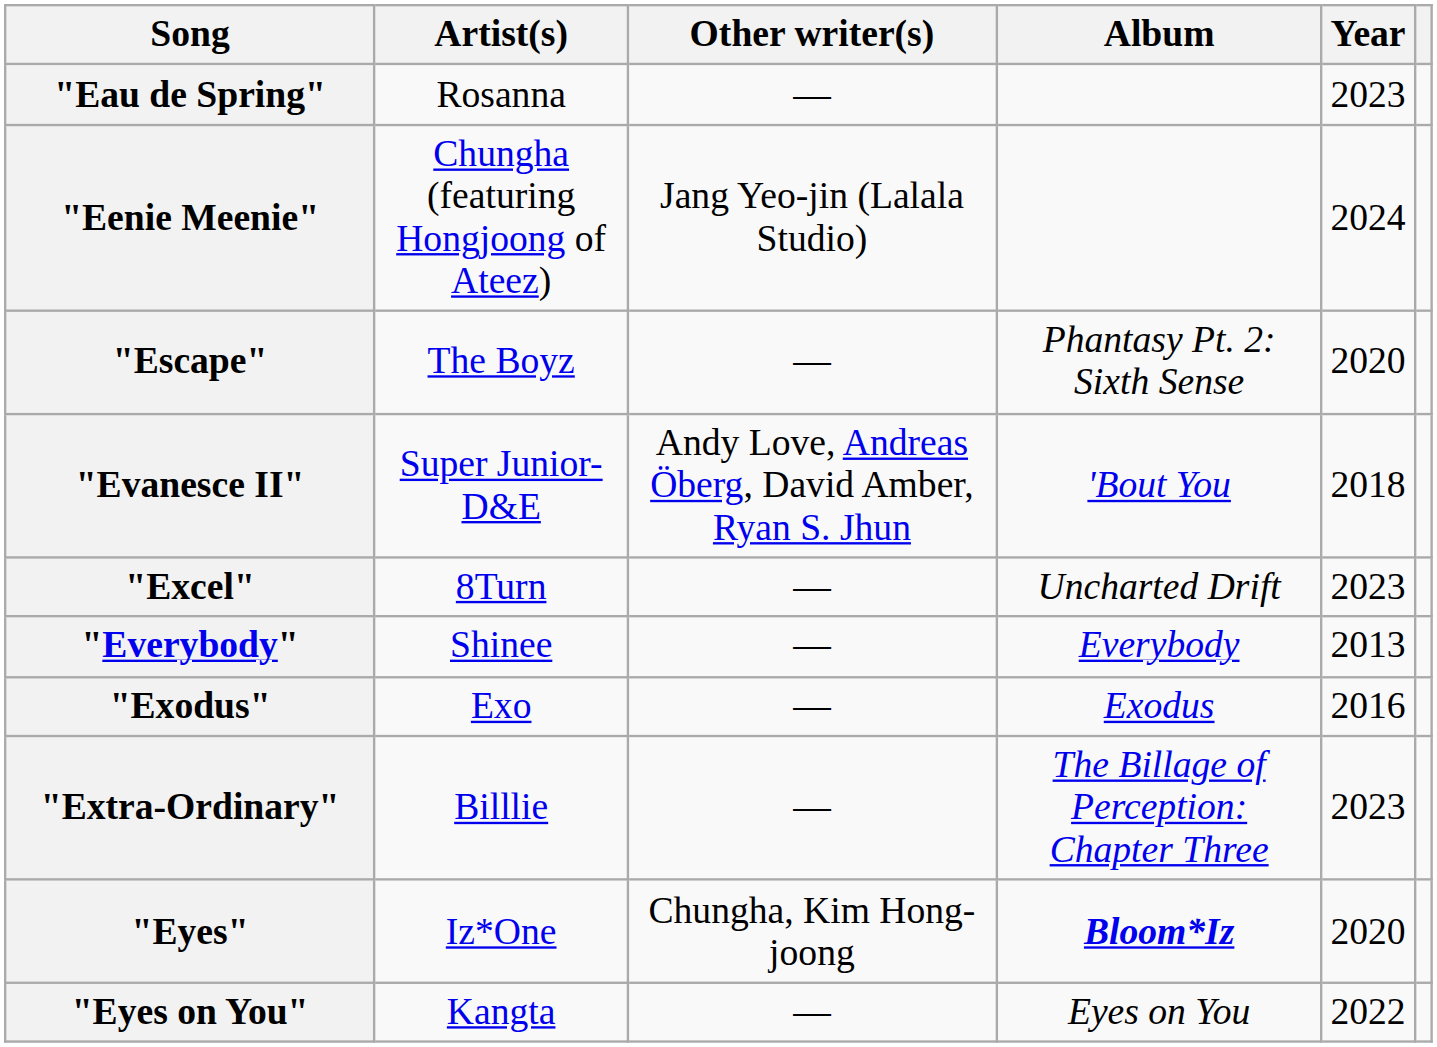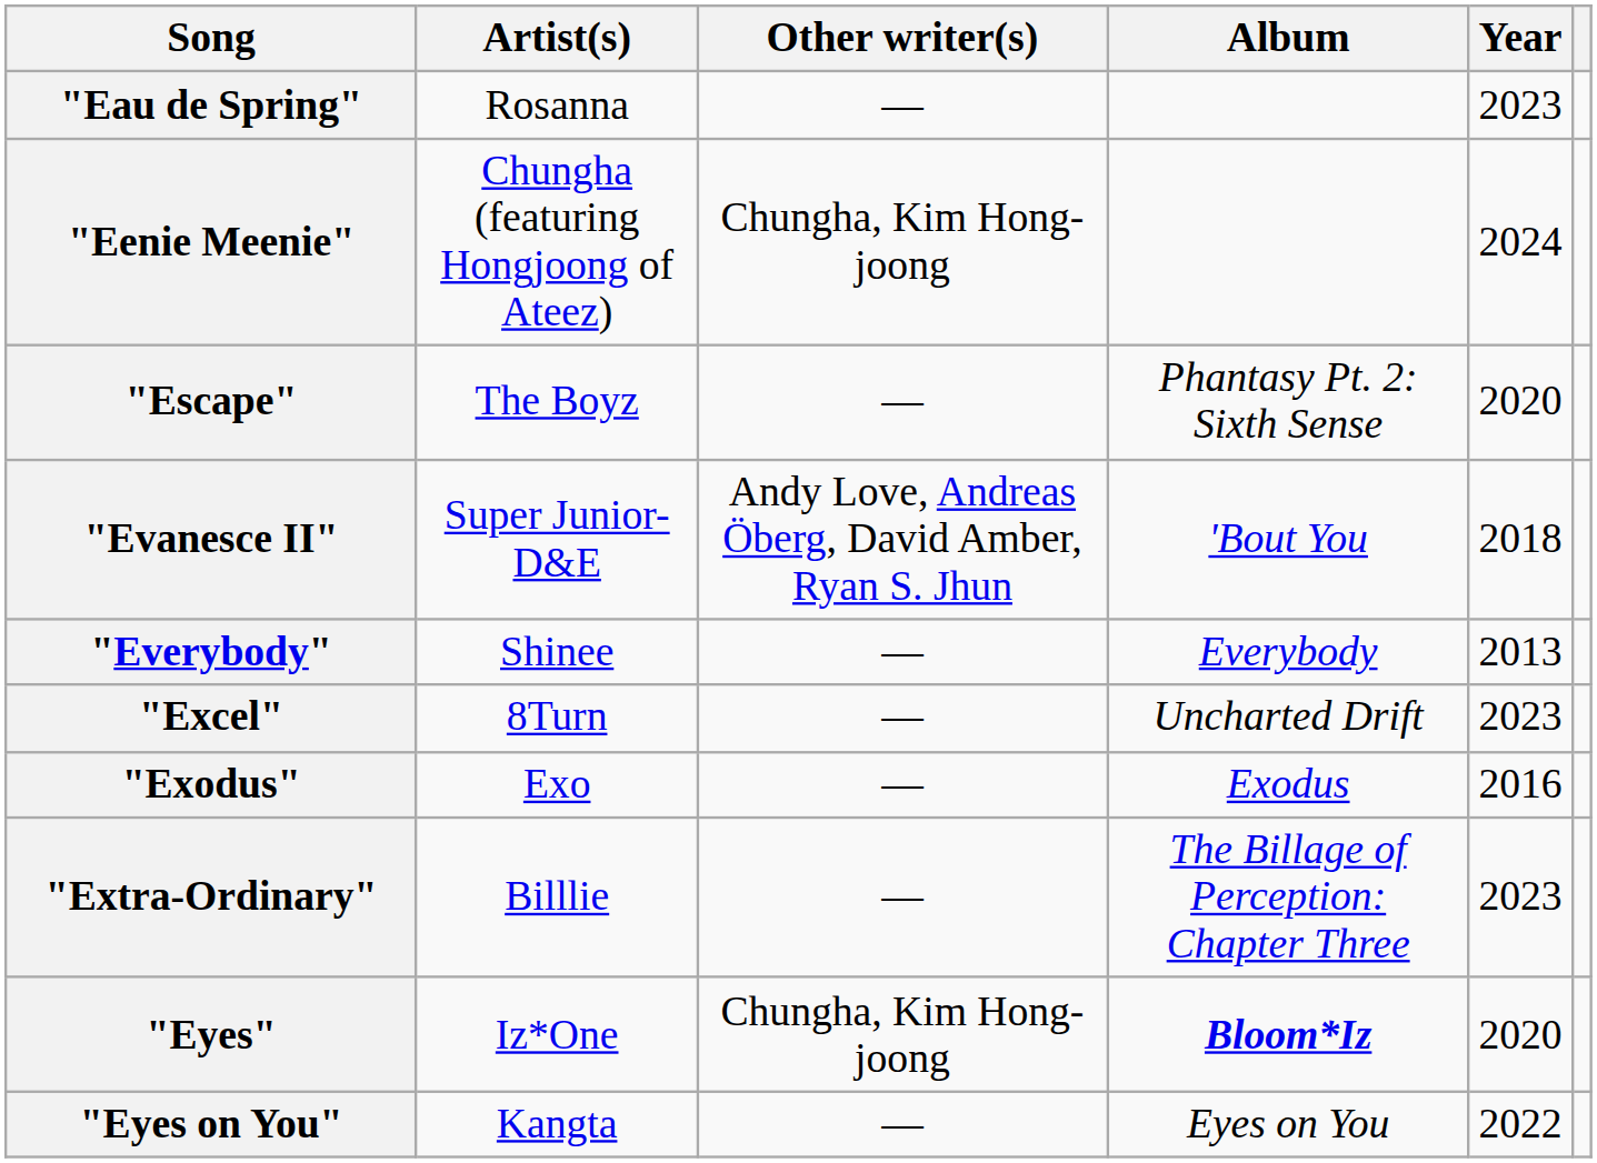 <table class="wikitable sortable plainrowheaders" style="text-align:center;">
 <tr>
 <th scope="col" width="150">Song</th>
 <th scope="col" width="100">Artist(s)</th>
 <th scope="col" class="unsortable">Other writer(s)</th>
 <th scope="col" data-sort-type="text">Album</th>
 <th scope="col">Year</th>
 <th scope="col" class="unsortable"></th>
 </tr>
 <tr>
 <th scope="row">"Eau de Spring"</th>
 <td>Rosanna</td>
 <td>—</td>
 <td></td>
 <td>2023</td>
 <td style="text-align:center;"></td>
 </tr>
 <tr>
 <th scope="row">"Eenie Meenie"</th>
 <td><a href='#'>Chungha</a> (featuring <a href='#'>Hongjoong</a> of <a href='#'>Ateez</a>)</td>
-<td>Jang Yeo-jin (Lalala Studio)</td>
+<td>Chungha, Kim Hong-joong</td>
 <td></td>
 <td>2024</td>
 <td style="text-align:center;"></td>
 </tr>
 <tr>
 <th scope="row">"Escape"</th>
 <td><a href='#'>The Boyz</a></td>
 <td>—</td>
 <td><em>Phantasy Pt. 2: Sixth Sense</em></td>
 <td>2020</td>
 <td style="text-align:center;"></td>
 </tr>
 <tr>
 <th scope="row">"Evanesce II"</th>
 <td><a href='#'>Super Junior-D&E</a></td>
 <td>Andy Love, <a href='#'>Andreas Öberg</a>, David Amber, <a href='#'>Ryan S. Jhun</a></td>
 <td><em><a href='#'>'Bout You</a></em></td>
 <td>2018</td>
 <td style="text-align:center;"></td>
 </tr>
 <tr>
+<th scope="row">"<a href='#'>Everybody</a>"</th>
+<td><a href='#'>Shinee</a></td>
+<td>—</td>
+<td><em><a href='#'>Everybody</a></em></td>
+<td>2013</td>
+<td style="text-align:center;"></td>
+</tr>
+<tr>
 <th scope="row">"Excel"</th>
 <td><a href='#'>8Turn</a></td>
 <td>—</td>
 <td><em>Uncharted Drift</em></td>
 <td>2023</td>
-<td style="text-align:center;"></td>
-</tr>
-<tr>
-<th scope="row">"<a href='#'>Everybody</a>"</th>
-<td><a href='#'>Shinee</a></td>
-<td>—</td>
-<td><em><a href='#'>Everybody</a></em></td>
-<td>2013</td>
 <td style="text-align:center;"></td>
 </tr>
 <tr>
 <th scope="row">"Exodus"</th>
 <td><a href='#'>Exo</a></td>
 <td>—</td>
 <td><em><a href='#'>Exodus</a></em></td>
 <td>2016</td>
 <td style="text-align:center;"></td>
 </tr>
 <tr>
 <th scope="row">"Extra-Ordinary"</th>
 <td><a href='#'>Billlie</a></td>
 <td>—</td>
 <td><em><a href='#'>The Billage of Perception: Chapter Three</a></em></td>
 <td>2023</td>
 <td style="text-align:center;"></td>
 </tr>
 <tr>
 <th scope="row">"Eyes"</th>
 <td><a href='#'>Iz*One</a></td>
 <td>Chungha, Kim Hong-joong</td>
 <td><strong><em><a href='#'>Bloom*Iz</a></em></strong></td>
 <td>2020</td>
 <td style="text-align:center;"></td>
 </tr>
 <tr>
 <th scope="row">"Eyes on You"</th>
 <td><a href='#'>Kangta</a></td>
 <td>—</td>
 <td><em>Eyes on You</em></td>
 <td>2022</td>
 <td style="text-align:center;"></td>
 </tr>
 </table>
